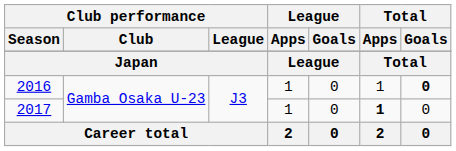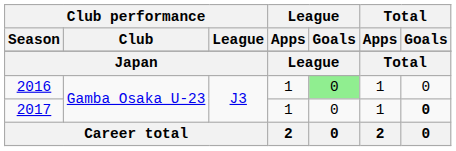 <table class="wikitable" style="text-align:center">
 <tr>
 <th colspan=3>Club performance</th>
 <th colspan=2>League</th>
 <th colspan=2>Total</th>
 </tr>
 <tr>
 <th>Season</th>
 <th>Club</th>
 <th>League</th>
 <th>Apps</th>
 <th>Goals</th>
 <th>Apps</th>
 <th>Goals</th>
 </tr>
 <tr>
 </tr>
 <tr>
 <th colspan=3>Japan</th>
 <th colspan=2>League</th>
 <th colspan=2>Total</th>
 </tr>
 <tr>
 <td><a href='#'>2016</a></td>
 <td rowspan="2"><a href='#'>Gamba Osaka U-23</a></td>
 <td rowspan="2"><a href='#'>J3</a></td>
 <td>1</td>
+<td style="background: lightgreen;">0</td>
+<td>1</td>
 <td>0</td>
-<td>1</td>
-<td><strong>0</strong></td>
 </tr>
 <tr>
 <td><a href='#'>2017</a></td>
 <td>1</td>
 <td>0</td>
-<td><strong>1</strong></td>
-<td>0</td>
+<td>1</td>
+<td><strong>0</strong></td>
 </tr>
 <tr>
 <th colspan=3>Career total</th>
 <th>2</th>
 <th>0</th>
 <th>2</th>
 <th>0</th>
 </tr>
 </table>
